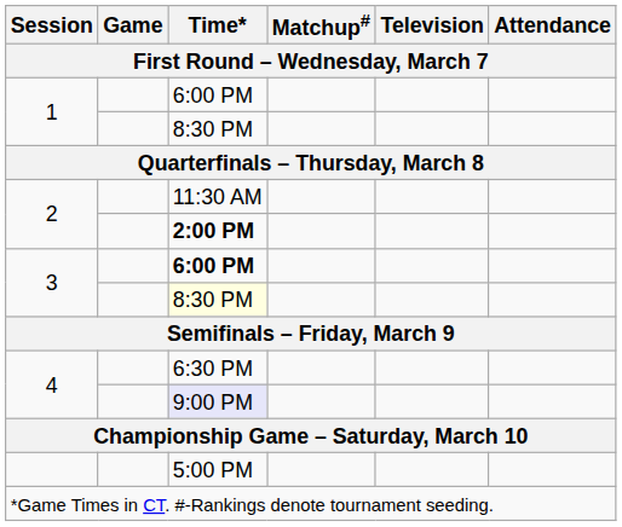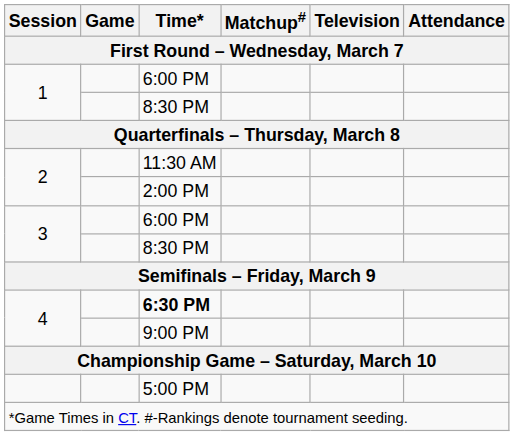 <table class="wikitable" style="font-size: 95%">
 <tr align="center">
 <th>Session</th>
 <th>Game</th>
 <th>Time*</th>
 <th>Matchup<sup>#</sup></th>
 <th>Television</th>
 <th>Attendance</th>
 </tr>
 <tr>
 <th colspan=7>First Round – Wednesday, March 7</th>
 </tr>
 <tr>
 <td rowspan=2 style="text-align:center;">1</td>
 <td></td>
 <td>6:00 PM</td>
 <td></td>
 <td></td>
 <td></td>
 </tr>
 <tr>
 <td></td>
 <td>8:30 PM</td>
 <td></td>
 <td></td>
 <td></td>
 </tr>
 <tr>
 <th colspan=7>Quarterfinals – Thursday, March 8</th>
 </tr>
 <tr>
 <td rowspan=2 style="text-align:center;">2</td>
 <td></td>
 <td>11:30 AM</td>
 <td></td>
 <td></td>
 <td></td>
 </tr>
 <tr>
 <td></td>
-<td><strong>2:00 PM</strong></td>
+<td>2:00 PM</td>
 <td></td>
 <td></td>
 <td></td>
 </tr>
 <tr>
 <td rowspan=2 style="text-align:center;">3</td>
 <td></td>
-<td><strong>6:00 PM</strong></td>
+<td>6:00 PM</td>
 <td></td>
 <td></td>
 <td></td>
 </tr>
 <tr>
 <td></td>
-<td style="background: lightyellow;">8:30 PM</td>
+<td>8:30 PM</td>
 <td></td>
 <td></td>
 <td></td>
 </tr>
 <tr>
 <th colspan=7>Semifinals – Friday, March 9</th>
 </tr>
 <tr>
 <td rowspan=2 style="text-align:center;">4</td>
 <td></td>
-<td>6:30 PM</td>
+<td><strong>6:30 PM</strong></td>
 <td></td>
 <td></td>
 <td></td>
 </tr>
 <tr>
 <td></td>
-<td style="background: lavender;">9:00 PM</td>
+<td>9:00 PM</td>
 <td></td>
 <td></td>
 <td></td>
 </tr>
 <tr>
 <th colspan=7>Championship Game – Saturday, March 10</th>
 </tr>
 <tr>
 <td></td>
 <td></td>
 <td>5:00 PM</td>
 <td></td>
 <td></td>
 <td></td>
 </tr>
 <tr>
 <td colspan=6><small>*Game Times in <a href='#'>CT</a>. #-Rankings denote tournament seeding.</small></td>
 </tr>
 </table>
